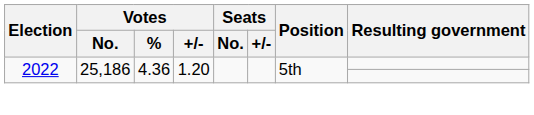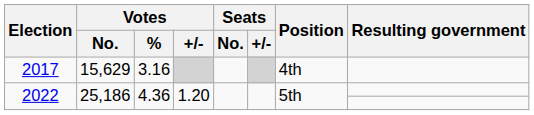 <table class="wikitable">
 <tr>
 <th rowspan="2" style="background-color:">Election</th>
 <th colspan="3" style="background-color:">Votes</th>
 <th colspan="2" style="background-color:">Seats</th>
 <th rowspan="2" style="background-color:">Position</th>
 <th rowspan="2" style="background-color:">Resulting government</th>
 </tr>
 <tr>
 <th style="background-color:">No.</th>
 <th style="background-color:">%</th>
 <th style="background-color:">+/-</th>
 <th style="background-color:">No.</th>
 <th style="background-color:">+/-</th>
 </tr>
 <tr>
+<td style="text-align: center;"><a href='#'>2017</a></td>
+<td>15,629</td>
+<td>3.16</td>
+<td bgcolor="lightgray"></td>
+<td></td>
+<td bgcolor="lightgray"></td>
+<td>4th</td>
+<td></td>
+</tr>
+<tr>
 <td rowspan="2" style="text-align: center;"><a href='#'>2022</a></td>
 <td rowspan="2">25,186</td>
 <td rowspan="2">4.36</td>
 <td rowspan="2"> 1.20</td>
 <td rowspan="2"></td>
 <td rowspan="2"></td>
 <td rowspan="2"> 5th</td>
 <td></td>
 </tr>
 <tr>
 <td></td>
 </tr>
 </table>
